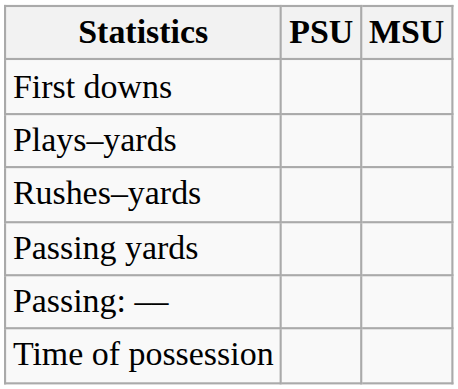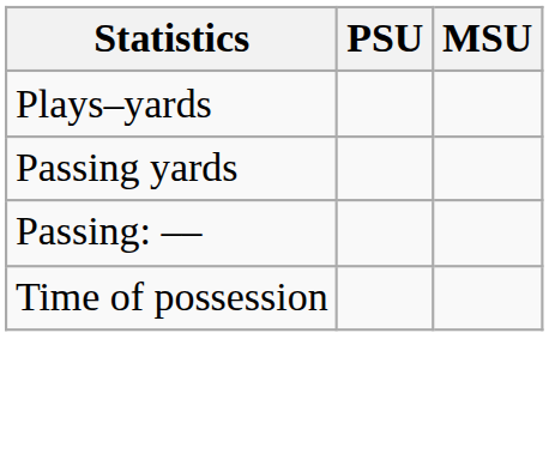 <table class="wikitable" style="float:left">
 <tr>
 <th>Statistics</th>
 <th>PSU</th>
 <th>MSU</th>
 </tr>
 <tr>
-<td>First downs</td>
-<td></td>
-<td></td>
-</tr>
-<tr>
 <td>Plays–yards</td>
-<td></td>
-<td></td>
-</tr>
-<tr>
-<td>Rushes–yards</td>
 <td></td>
 <td></td>
 </tr>
 <tr>
 <td>Passing yards</td>
 <td></td>
 <td></td>
 </tr>
 <tr>
 <td>Passing: ––</td>
 <td></td>
 <td></td>
 </tr>
 <tr>
 <td>Time of possession</td>
 <td></td>
 <td></td>
 </tr>
 </table>
